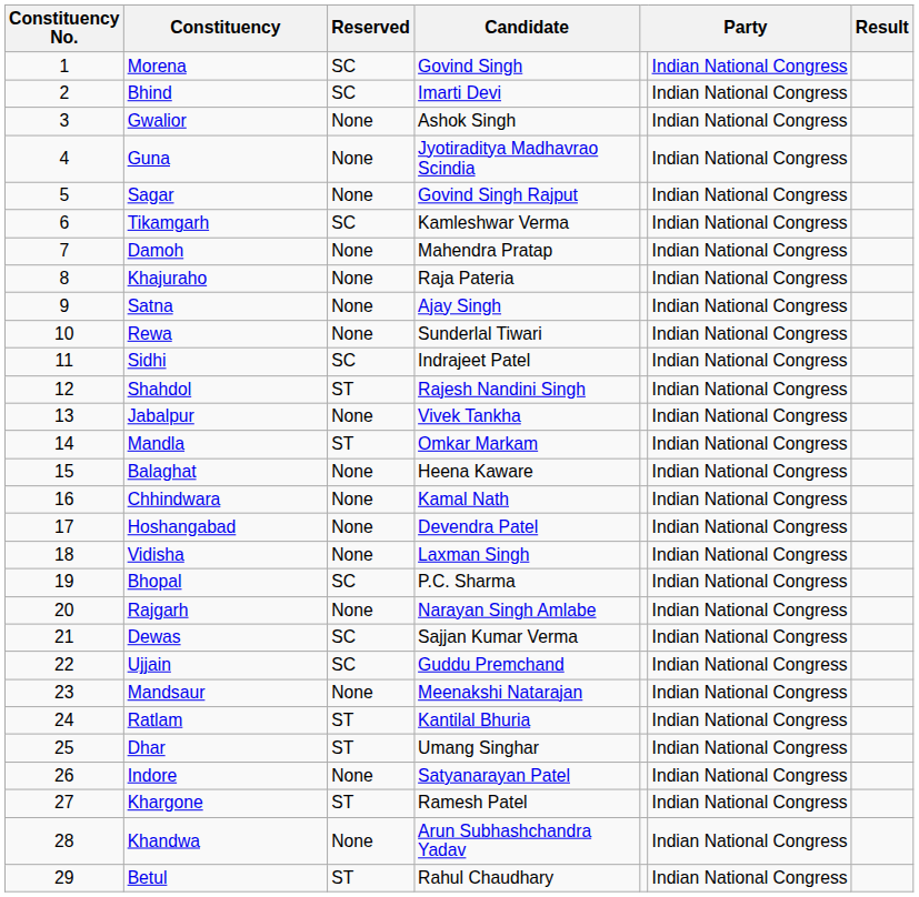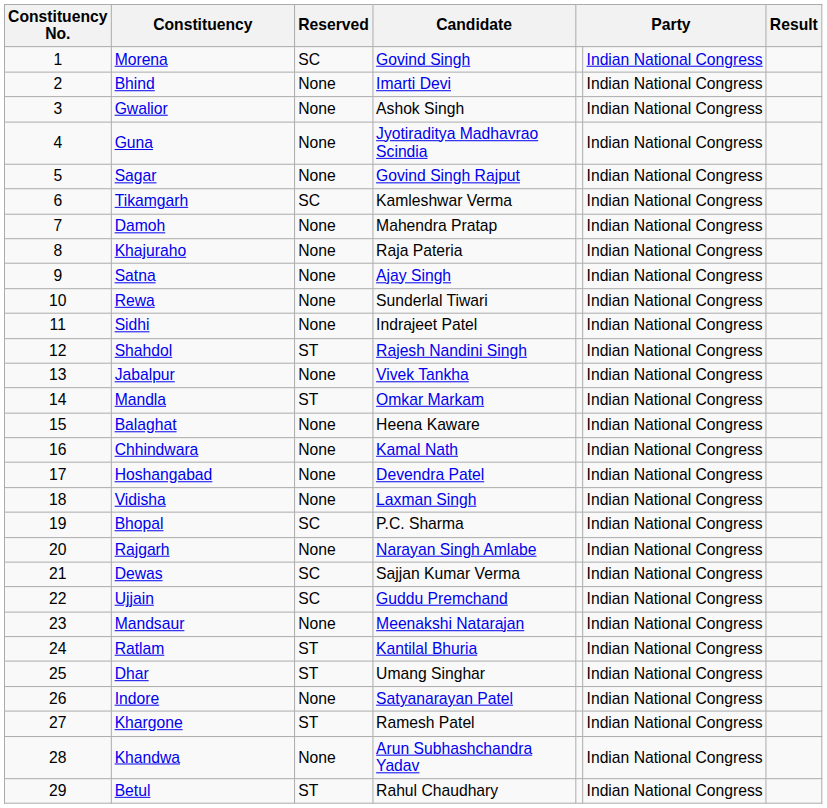 <table class= "wikitable sortable">
 <tr>
 <th>Constituency <br> No.</th>
 <th style="width:180px;">Constituency</th>
 <th>Reserved</th>
 <th style="width:200px;">Candidate</th>
 <th colspan=2>Party</th>
 <th>Result</th>
 </tr>
 <tr>
 <td align="center">1</td>
 <td><a href='#'>Morena</a></td>
 <td>SC</td>
 <td><a href='#'>Govind Singh</a></td>
 <td></td>
 <td><a href='#'>Indian National Congress</a></td>
 <td></td>
 </tr>
 <tr>
 <td align="center">2</td>
 <td><a href='#'>Bhind</a></td>
-<td>SC</td>
+<td>None</td>
 <td><a href='#'>Imarti Devi</a></td>
 <td></td>
 <td>Indian National Congress</td>
 <td></td>
 </tr>
 <tr>
 <td align="center">3</td>
 <td><a href='#'>Gwalior</a></td>
 <td>None</td>
 <td>Ashok Singh</td>
 <td></td>
 <td>Indian National Congress</td>
 <td></td>
 </tr>
 <tr>
 <td align="center">4</td>
 <td><a href='#'>Guna</a></td>
 <td>None</td>
 <td><a href='#'>Jyotiraditya Madhavrao Scindia</a></td>
 <td></td>
 <td>Indian National Congress</td>
 <td></td>
 </tr>
 <tr>
 <td align="center">5</td>
 <td><a href='#'>Sagar</a></td>
 <td>None</td>
 <td><a href='#'>Govind Singh Rajput</a></td>
 <td></td>
 <td>Indian National Congress</td>
 <td></td>
 </tr>
 <tr>
 <td align="center">6</td>
 <td><a href='#'>Tikamgarh</a></td>
 <td>SC</td>
 <td>Kamleshwar Verma</td>
 <td></td>
 <td>Indian National Congress</td>
 <td></td>
 </tr>
 <tr>
 <td align="center">7</td>
 <td><a href='#'>Damoh</a></td>
 <td>None</td>
 <td>Mahendra Pratap</td>
 <td></td>
 <td>Indian National Congress</td>
 <td></td>
 </tr>
 <tr>
 <td align="center">8</td>
 <td><a href='#'>Khajuraho</a></td>
 <td>None</td>
 <td>Raja Pateria</td>
 <td></td>
 <td>Indian National Congress</td>
 <td></td>
 </tr>
 <tr>
 <td align="center">9</td>
 <td><a href='#'>Satna</a></td>
 <td>None</td>
 <td><a href='#'>Ajay Singh</a></td>
 <td></td>
 <td>Indian National Congress</td>
 <td></td>
 </tr>
 <tr>
 <td align="center">10</td>
 <td><a href='#'>Rewa</a></td>
 <td>None</td>
 <td>Sunderlal Tiwari</td>
 <td></td>
 <td>Indian National Congress</td>
 <td></td>
 </tr>
 <tr>
 <td align="center">11</td>
 <td><a href='#'>Sidhi</a></td>
-<td>SC</td>
+<td>None</td>
 <td>Indrajeet Patel</td>
 <td></td>
 <td>Indian National Congress</td>
 <td></td>
 </tr>
 <tr>
 <td align="center">12</td>
 <td><a href='#'>Shahdol</a></td>
 <td>ST</td>
 <td><a href='#'>Rajesh Nandini Singh</a></td>
 <td></td>
 <td>Indian National Congress</td>
 <td></td>
 </tr>
 <tr>
 <td align="center">13</td>
 <td><a href='#'>Jabalpur</a></td>
 <td>None</td>
 <td><a href='#'>Vivek Tankha</a></td>
 <td></td>
 <td>Indian National Congress</td>
 <td></td>
 </tr>
 <tr>
 <td align="center">14</td>
 <td><a href='#'>Mandla</a></td>
 <td>ST</td>
 <td><a href='#'>Omkar Markam</a></td>
 <td></td>
 <td>Indian National Congress</td>
 <td></td>
 </tr>
 <tr>
 <td align="center">15</td>
 <td><a href='#'>Balaghat</a></td>
 <td>None</td>
 <td>Heena Kaware</td>
 <td></td>
 <td>Indian National Congress</td>
 <td></td>
 </tr>
 <tr>
 <td align="center">16</td>
 <td><a href='#'>Chhindwara</a></td>
 <td>None</td>
 <td><a href='#'>Kamal Nath</a></td>
 <td></td>
 <td>Indian National Congress</td>
 <td></td>
 </tr>
 <tr>
 <td align="center">17</td>
 <td><a href='#'>Hoshangabad</a></td>
 <td>None</td>
 <td><a href='#'>Devendra Patel</a></td>
 <td></td>
 <td>Indian National Congress</td>
 <td></td>
 </tr>
 <tr>
 <td align="center">18</td>
 <td><a href='#'>Vidisha</a></td>
 <td>None</td>
 <td><a href='#'>Laxman Singh</a></td>
 <td></td>
 <td>Indian National Congress</td>
 <td></td>
 </tr>
 <tr>
 <td align="center">19</td>
 <td><a href='#'>Bhopal</a></td>
 <td>SC</td>
 <td>P.C. Sharma</td>
 <td></td>
 <td>Indian National Congress</td>
 <td></td>
 </tr>
 <tr>
 <td align="center">20</td>
 <td><a href='#'>Rajgarh</a></td>
 <td>None</td>
 <td><a href='#'>Narayan Singh Amlabe</a></td>
 <td></td>
 <td>Indian National Congress</td>
 <td></td>
 </tr>
 <tr>
 <td align="center">21</td>
 <td><a href='#'>Dewas</a></td>
 <td>SC</td>
 <td>Sajjan Kumar Verma</td>
 <td></td>
 <td>Indian National Congress</td>
 <td></td>
 </tr>
 <tr>
 <td align="center">22</td>
 <td><a href='#'>Ujjain</a></td>
 <td>SC</td>
 <td><a href='#'>Guddu Premchand</a></td>
 <td></td>
 <td>Indian National Congress</td>
 <td></td>
 </tr>
 <tr>
 <td align="center">23</td>
 <td><a href='#'>Mandsaur</a></td>
 <td>None</td>
 <td><a href='#'>Meenakshi Natarajan</a></td>
 <td></td>
 <td>Indian National Congress</td>
 <td></td>
 </tr>
 <tr>
 <td align="center">24</td>
 <td><a href='#'>Ratlam</a></td>
 <td>ST</td>
 <td><a href='#'>Kantilal Bhuria</a></td>
 <td></td>
 <td>Indian National Congress</td>
 <td></td>
 </tr>
 <tr>
 <td align="center">25</td>
 <td><a href='#'>Dhar</a></td>
 <td>ST</td>
 <td>Umang Singhar</td>
 <td></td>
 <td>Indian National Congress</td>
 <td></td>
 </tr>
 <tr>
 <td align="center">26</td>
 <td><a href='#'>Indore</a></td>
 <td>None</td>
 <td><a href='#'>Satyanarayan Patel</a></td>
 <td></td>
 <td>Indian National Congress</td>
 <td></td>
 </tr>
 <tr>
 <td align="center">27</td>
 <td><a href='#'>Khargone</a></td>
 <td>ST</td>
 <td>Ramesh Patel</td>
 <td></td>
 <td>Indian National Congress</td>
 <td></td>
 </tr>
 <tr>
 <td align="center">28</td>
 <td><a href='#'>Khandwa</a></td>
 <td>None</td>
 <td><a href='#'>Arun Subhashchandra Yadav</a></td>
 <td></td>
 <td>Indian National Congress</td>
 <td></td>
 </tr>
 <tr>
 <td align="center">29</td>
 <td><a href='#'>Betul</a></td>
 <td>ST</td>
 <td>Rahul Chaudhary</td>
 <td></td>
 <td>Indian National Congress</td>
 <td></td>
 </tr>
 </table>
